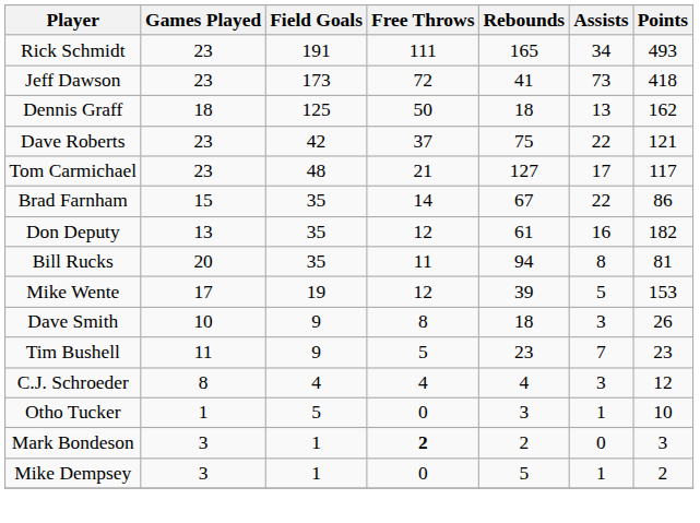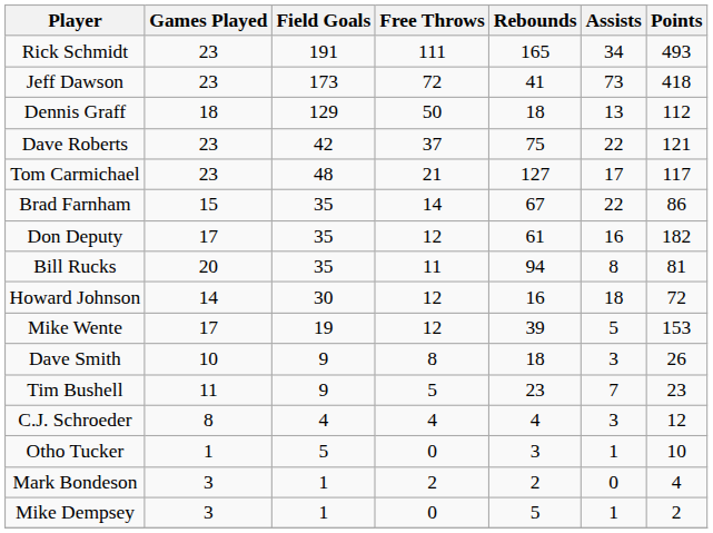 <table class="wikitable sortable">
 <tr>
 <th>Player</th>
 <th>Games Played</th>
 <th>Field Goals</th>
 <th>Free Throws</th>
 <th>Rebounds</th>
 <th>Assists</th>
 <th>Points</th>
 </tr>
 <tr align="center" bgcolor="">
 <td>Rick Schmidt</td>
 <td>23</td>
 <td>191</td>
 <td>111</td>
 <td>165</td>
 <td>34</td>
 <td>493</td>
 </tr>
 <tr align="center" bgcolor="">
 <td>Jeff Dawson</td>
 <td>23</td>
 <td>173</td>
 <td>72</td>
 <td>41</td>
 <td>73</td>
 <td>418</td>
 </tr>
 <tr align="center" bgcolor="">
 <td>Dennis Graff</td>
 <td>18</td>
-<td>125</td>
+<td>129</td>
 <td>50</td>
 <td>18</td>
 <td>13</td>
-<td>162</td>
+<td>112</td>
 </tr>
 <tr align="center" bgcolor="">
 <td>Dave Roberts</td>
 <td>23</td>
 <td>42</td>
 <td>37</td>
 <td>75</td>
 <td>22</td>
 <td>121</td>
 </tr>
 <tr align="center" bgcolor="">
 <td>Tom Carmichael</td>
 <td>23</td>
 <td>48</td>
 <td>21</td>
 <td>127</td>
 <td>17</td>
 <td>117</td>
 </tr>
 <tr align="center" bgcolor="">
 <td>Brad Farnham</td>
 <td>15</td>
 <td>35</td>
 <td>14</td>
 <td>67</td>
 <td>22</td>
 <td>86</td>
 </tr>
 <tr align="center" bgcolor="">
 <td>Don Deputy</td>
-<td>13</td>
+<td>17</td>
 <td>35</td>
 <td>12</td>
 <td>61</td>
 <td>16</td>
 <td>182</td>
 </tr>
 <tr align="center" bgcolor="">
 <td>Bill Rucks</td>
 <td>20</td>
 <td>35</td>
 <td>11</td>
 <td>94</td>
 <td>8</td>
 <td>81</td>
+</tr>
+<tr align="center" bgcolor="">
+<td>Howard Johnson</td>
+<td>14</td>
+<td>30</td>
+<td>12</td>
+<td>16</td>
+<td>18</td>
+<td>72</td>
 </tr>
 <tr align="center" bgcolor="">
 <td>Mike Wente</td>
 <td>17</td>
 <td>19</td>
 <td>12</td>
 <td>39</td>
 <td>5</td>
 <td>153</td>
 </tr>
 <tr align="center" bgcolor="">
 <td>Dave Smith</td>
 <td>10</td>
 <td>9</td>
 <td>8</td>
 <td>18</td>
 <td>3</td>
 <td>26</td>
 </tr>
 <tr align="center" bgcolor="">
 <td>Tim Bushell</td>
 <td>11</td>
 <td>9</td>
 <td>5</td>
 <td>23</td>
 <td>7</td>
 <td>23</td>
 </tr>
 <tr align="center" bgcolor="">
 <td>C.J. Schroeder</td>
 <td>8</td>
 <td>4</td>
 <td>4</td>
 <td>4</td>
 <td>3</td>
 <td>12</td>
 </tr>
 <tr align="center" bgcolor="">
 <td>Otho Tucker</td>
 <td>1</td>
 <td>5</td>
 <td>0</td>
 <td>3</td>
 <td>1</td>
 <td>10</td>
 </tr>
 <tr align="center" bgcolor="">
 <td>Mark Bondeson</td>
 <td>3</td>
 <td>1</td>
-<td><strong>2</strong></td>
+<td>2</td>
 <td>2</td>
 <td>0</td>
-<td>3</td>
+<td>4</td>
 </tr>
 <tr align="center" bgcolor="">
 <td>Mike Dempsey</td>
 <td>3</td>
 <td>1</td>
 <td>0</td>
 <td>5</td>
 <td>1</td>
 <td>2</td>
 </tr>
 <tr align="center" bgcolor="">
 </tr>
 </table>
